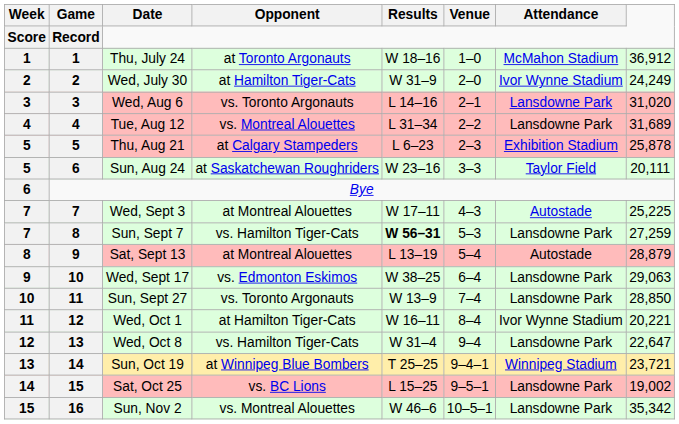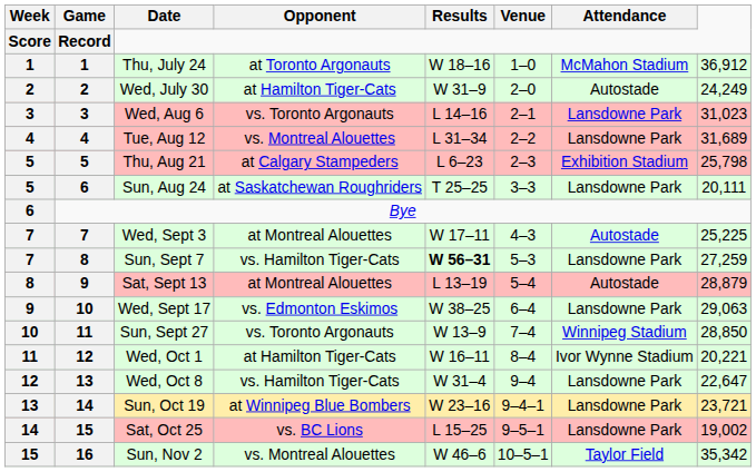 <table class="wikitable" style="text-align:center">
 <tr>
 <th>Week</th>
 <th>Game</th>
 <th>Date</th>
 <th>Opponent</th>
 <th>Results</th>
 <th>Venue</th>
 <th>Attendance</th>
 </tr>
 <tr>
 <th>Score</th>
 <th>Record</th>
 </tr>
 <tr style="background:#ddffdd">
 <th>1</th>
 <th>1</th>
 <td>Thu, July 24</td>
 <td>at <a href='#'>Toronto Argonauts</a></td>
 <td>W 18–16</td>
 <td>1–0</td>
 <td><a href='#'>McMahon Stadium</a></td>
 <td>36,912</td>
 </tr>
 <tr style="background:#ddffdd">
 <th>2</th>
 <th>2</th>
 <td>Wed, July 30</td>
 <td>at <a href='#'>Hamilton Tiger-Cats</a></td>
 <td>W 31–9</td>
 <td>2–0</td>
-<td><a href='#'>Ivor Wynne Stadium</a></td>
+<td>Autostade</td>
 <td>24,249</td>
 </tr>
 <tr style="background:#ffbbbb">
 <th>3</th>
 <th>3</th>
 <td>Wed, Aug 6</td>
 <td>vs. Toronto Argonauts</td>
 <td>L 14–16</td>
 <td>2–1</td>
 <td><a href='#'>Lansdowne Park</a></td>
-<td>31,020</td>
+<td>31,023</td>
 </tr>
 <tr style="background:#ffbbbb">
 <th>4</th>
 <th>4</th>
 <td>Tue, Aug 12</td>
 <td>vs. <a href='#'>Montreal Alouettes</a></td>
 <td>L 31–34</td>
 <td>2–2</td>
 <td>Lansdowne Park</td>
 <td>31,689</td>
 </tr>
 <tr style="background:#ffbbbb">
 <th>5</th>
 <th>5</th>
 <td>Thu, Aug 21</td>
 <td>at <a href='#'>Calgary Stampeders</a></td>
 <td>L 6–23</td>
 <td>2–3</td>
 <td><a href='#'>Exhibition Stadium</a></td>
-<td>25,878</td>
+<td>25,798</td>
 </tr>
 <tr style="background:#ddffdd">
 <th>5</th>
 <th>6</th>
 <td>Sun, Aug 24</td>
 <td>at <a href='#'>Saskatchewan Roughriders</a></td>
-<td>W 23–16</td>
+<td>T 25–25</td>
 <td>3–3</td>
-<td><a href='#'>Taylor Field</a></td>
+<td>Lansdowne Park</td>
 <td>20,111</td>
 </tr>
 <tr>
 <th>6</th>
 <td colspan=7><em><a href='#'>Bye</a></em></td>
 </tr>
 <tr style="background:#ddffdd">
 <th>7</th>
 <th>7</th>
 <td>Wed, Sept 3</td>
 <td>at Montreal Alouettes</td>
 <td>W 17–11</td>
 <td>4–3</td>
 <td><a href='#'>Autostade</a></td>
 <td>25,225</td>
 </tr>
 <tr style="background:#ddffdd">
 <th>7</th>
 <th>8</th>
 <td>Sun, Sept 7</td>
 <td>vs. Hamilton Tiger-Cats</td>
 <td><strong>W 56–31</strong></td>
 <td>5–3</td>
 <td>Lansdowne Park</td>
 <td>27,259</td>
 </tr>
 <tr style="background:#ffbbbb">
 <th>8</th>
 <th>9</th>
 <td>Sat, Sept 13</td>
 <td>at Montreal Alouettes</td>
 <td>L 13–19</td>
 <td>5–4</td>
 <td>Autostade</td>
 <td>28,879</td>
 </tr>
 <tr style="background:#ddffdd">
 <th>9</th>
 <th>10</th>
 <td>Wed, Sept 17</td>
 <td>vs. <a href='#'>Edmonton Eskimos</a></td>
 <td>W 38–25</td>
 <td>6–4</td>
 <td>Lansdowne Park</td>
 <td>29,063</td>
 </tr>
 <tr style="background:#ddffdd">
 <th>10</th>
 <th>11</th>
 <td>Sun, Sept 27</td>
 <td>vs. Toronto Argonauts</td>
 <td>W 13–9</td>
 <td>7–4</td>
-<td>Lansdowne Park</td>
+<td><a href='#'>Winnipeg Stadium</a></td>
 <td>28,850</td>
 </tr>
 <tr style="background:#ddffdd">
 <th>11</th>
 <th>12</th>
 <td>Wed, Oct 1</td>
 <td>at Hamilton Tiger-Cats</td>
 <td>W 16–11</td>
 <td>8–4</td>
 <td>Ivor Wynne Stadium</td>
 <td>20,221</td>
 </tr>
 <tr style="background:#ddffdd">
 <th>12</th>
 <th>13</th>
 <td>Wed, Oct 8</td>
 <td>vs. Hamilton Tiger-Cats</td>
 <td>W 31–4</td>
 <td>9–4</td>
 <td>Lansdowne Park</td>
 <td>22,647</td>
 </tr>
 <tr style="background:#ffeeaa">
 <th>13</th>
 <th>14</th>
 <td>Sun, Oct 19</td>
 <td>at <a href='#'>Winnipeg Blue Bombers</a></td>
-<td>T 25–25</td>
+<td>W 23–16</td>
 <td>9–4–1</td>
-<td><a href='#'>Winnipeg Stadium</a></td>
+<td>Lansdowne Park</td>
 <td>23,721</td>
 </tr>
 <tr style="background:#ffbbbb">
 <th>14</th>
 <th>15</th>
 <td>Sat, Oct 25</td>
 <td>vs. <a href='#'>BC Lions</a></td>
 <td>L 15–25</td>
 <td>9–5–1</td>
 <td>Lansdowne Park</td>
 <td>19,002</td>
 </tr>
 <tr style="background:#ddffdd">
 <th>15</th>
 <th>16</th>
 <td>Sun, Nov 2</td>
 <td>vs. Montreal Alouettes</td>
 <td>W 46–6</td>
 <td>10–5–1</td>
-<td>Lansdowne Park</td>
+<td><a href='#'>Taylor Field</a></td>
 <td>35,342</td>
 </tr>
 </table>
